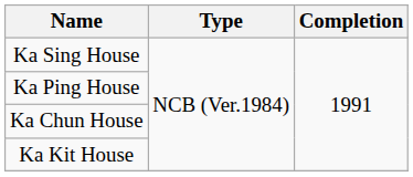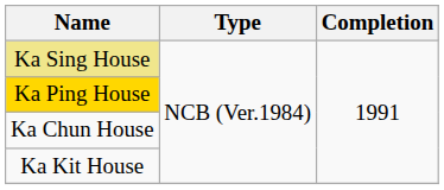 <table class="wikitable" style="text-align: center">
 <tr>
 <th>Name</th>
 <th>Type</th>
 <th>Completion</th>
 </tr>
 <tr>
-<td>Ka Sing House</td>
+<td style="background: khaki;">Ka Sing House</td>
 <td rowspan="4">NCB (Ver.1984)</td>
 <td rowspan="4">1991</td>
 </tr>
 <tr>
-<td>Ka Ping House</td>
+<td style="background: gold;">Ka Ping House</td>
 </tr>
 <tr>
 <td>Ka Chun House</td>
 </tr>
 <tr>
 <td>Ka Kit House</td>
 </tr>
 <tr>
 </tr>
 </table>
